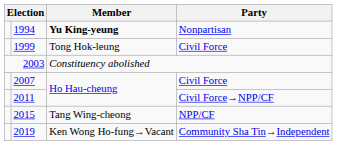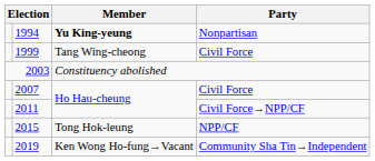 <table class="wikitable">
 <tr>
 <th colspan="2">Election</th>
 <th>Member</th>
 <th>Party</th>
 </tr>
 <tr>
 <td style="background-color: "></td>
 <td><a href='#'>1994</a></td>
 <td><strong>Yu King-yeung</strong></td>
 <td><a href='#'>Nonpartisan</a></td>
 </tr>
 <tr>
 <td style="background-color: "></td>
 <td><a href='#'>1999</a></td>
-<td>Tong Hok-leung</td>
+<td>Tang Wing-cheong</td>
 <td><a href='#'>Civil Force</a></td>
 </tr>
 <tr>
 <td colspan=2 align=right><a href='#'>2003</a></td>
 <td colspan=2><em>Constituency abolished</em></td>
 </tr>
 <tr>
 <td style="background-color: "></td>
 <td><a href='#'>2007</a></td>
 <td rowspan=2><a href='#'>Ho Hau-cheung</a></td>
 <td><a href='#'>Civil Force</a></td>
 </tr>
 <tr>
 <td style="background-color: "></td>
 <td><a href='#'>2011</a></td>
 <td><a href='#'>Civil Force</a>→<a href='#'>NPP/CF</a></td>
 </tr>
 <tr>
 <td style="background-color: "></td>
 <td><a href='#'>2015</a></td>
-<td>Tang Wing-cheong</td>
+<td>Tong Hok-leung</td>
 <td><a href='#'>NPP/CF</a></td>
 </tr>
 <tr>
 <td style="background-color: "></td>
 <td><a href='#'>2019</a></td>
 <td>Ken Wong Ho-fung→Vacant</td>
 <td><a href='#'>Community Sha Tin</a>→<a href='#'>Independent</a></td>
 </tr>
 </table>
